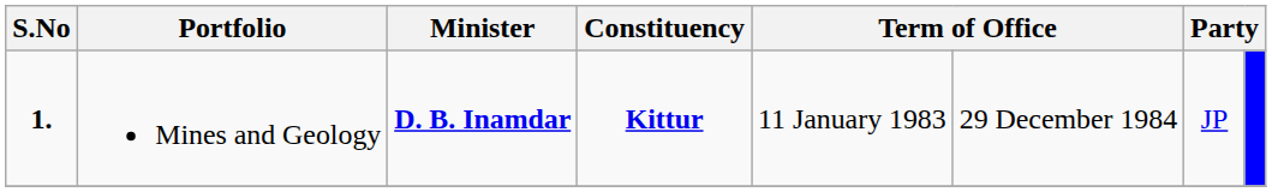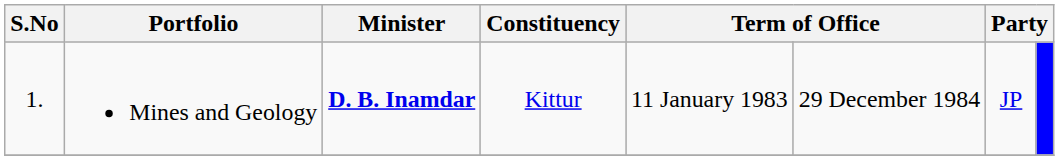 <table class="wikitable sortable" style="text-align:center;">
 <tr>
 <th>S.No</th>
 <th>Portfolio</th>
 <th>Minister</th>
 <th>Constituency</th>
 <th colspan="2">Term of Office</th>
 <th colspan="2" scope="col">Party</th>
 </tr>
 <tr>
-<td><strong>1.</strong></td>
+<td>1.</td>
 <td><br><ul><li>Mines and Geology</li></ul></td>
 <td><strong><a href='#'>D. B. Inamdar</a></strong></td>
-<td><strong><a href='#'>Kittur</a></strong></td>
+<td><a href='#'>Kittur</a></td>
 <td>11 January 1983</td>
 <td>29 December 1984</td>
 <td><a href='#'>JP</a></td>
 <td width="4px" bgcolor="#0000FF"></td>
 </tr>
 <tr style="text-align:center">
 </tr>
 </table>
